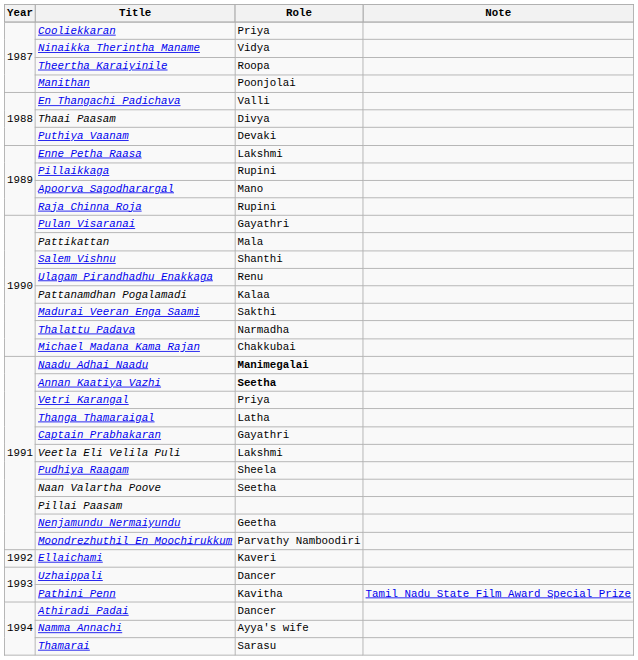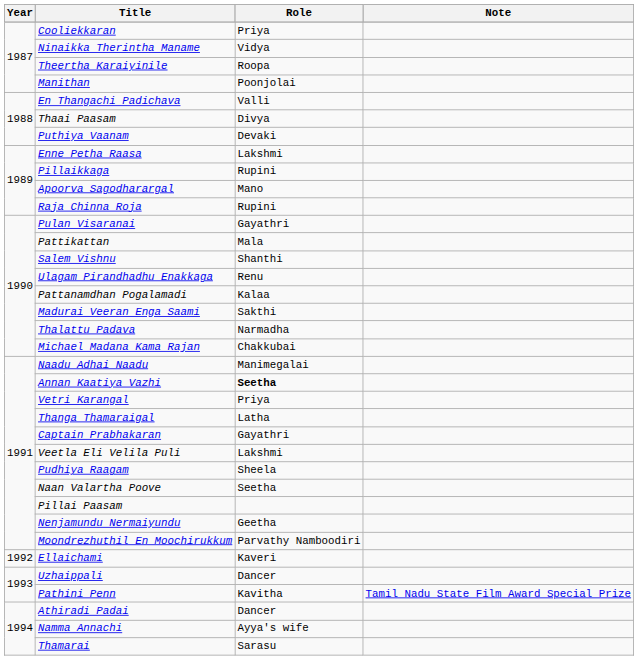 <table class="wikitable sortable">
 <tr style="background:#000;">
 <th>Year</th>
 <th>Title</th>
 <th>Role</th>
 <th class="sortable">Note</th>
 </tr>
 <tr>
 <td rowspan="4">1987</td>
 <td><em><a href='#'>Cooliekkaran</a></em></td>
 <td>Priya</td>
 <td></td>
 </tr>
 <tr>
 <td><em><a href='#'>Ninaikka Therintha Maname</a></em></td>
 <td>Vidya</td>
 <td></td>
 </tr>
 <tr>
 <td><em><a href='#'>Theertha Karaiyinile</a></em></td>
 <td>Roopa</td>
 <td></td>
 </tr>
 <tr>
 <td><em><a href='#'>Manithan</a></em></td>
 <td>Poonjolai</td>
 <td></td>
 </tr>
 <tr>
 <td rowspan="3">1988</td>
 <td><em><a href='#'>En Thangachi Padichava</a></em></td>
 <td>Valli</td>
 <td></td>
 </tr>
 <tr>
 <td><em>Thaai Paasam</em></td>
 <td>Divya</td>
 <td></td>
 </tr>
 <tr>
 <td><em><a href='#'>Puthiya Vaanam</a></em></td>
 <td>Devaki</td>
 <td></td>
 </tr>
 <tr>
 <td rowspan="4">1989</td>
 <td><em><a href='#'>Enne Petha Raasa</a></em></td>
 <td>Lakshmi</td>
 <td></td>
 </tr>
 <tr>
 <td><em><a href='#'>Pillaikkaga</a></em></td>
 <td>Rupini</td>
 <td></td>
 </tr>
 <tr>
 <td><em><a href='#'>Apoorva Sagodharargal</a></em></td>
 <td>Mano</td>
 <td></td>
 </tr>
 <tr>
 <td><em><a href='#'>Raja Chinna Roja</a></em></td>
 <td>Rupini</td>
 <td></td>
 </tr>
 <tr>
 <td rowspan="8">1990</td>
 <td><em><a href='#'>Pulan Visaranai</a></em></td>
 <td>Gayathri</td>
 <td></td>
 </tr>
 <tr>
 <td><em>Pattikattan</em></td>
 <td>Mala</td>
 <td></td>
 </tr>
 <tr>
 <td><em><a href='#'>Salem Vishnu</a></em></td>
 <td>Shanthi</td>
 <td></td>
 </tr>
 <tr>
 <td><em><a href='#'>Ulagam Pirandhadhu Enakkaga</a></em></td>
 <td>Renu</td>
 <td></td>
 </tr>
 <tr>
 <td><em>Pattanamdhan Pogalamadi</em></td>
 <td>Kalaa</td>
 <td></td>
 </tr>
 <tr>
 <td><em><a href='#'>Madurai Veeran Enga Saami</a></em></td>
 <td>Sakthi</td>
 <td></td>
 </tr>
 <tr>
 <td><em><a href='#'>Thalattu Padava</a></em></td>
 <td>Narmadha</td>
 <td></td>
 </tr>
 <tr>
 <td><em><a href='#'>Michael Madana Kama Rajan</a></em></td>
 <td>Chakkubai</td>
 <td></td>
 </tr>
 <tr>
 <td rowspan="11">1991</td>
 <td><em><a href='#'>Naadu Adhai Naadu</a></em></td>
-<td><strong>Manimegalai</strong></td>
+<td>Manimegalai</td>
 <td></td>
 </tr>
 <tr>
 <td><em><a href='#'>Annan Kaatiya Vazhi</a></em></td>
 <td><strong>Seetha</strong></td>
 <td></td>
 </tr>
 <tr>
 <td><em><a href='#'>Vetri Karangal</a></em></td>
 <td>Priya</td>
 <td></td>
 </tr>
 <tr>
 <td><em><a href='#'>Thanga Thamaraigal</a></em></td>
 <td>Latha</td>
 <td></td>
 </tr>
 <tr>
 <td><em><a href='#'>Captain Prabhakaran</a></em></td>
 <td>Gayathri</td>
 <td></td>
 </tr>
 <tr>
 <td><em>Veetla Eli Velila Puli</em></td>
 <td>Lakshmi</td>
 <td></td>
 </tr>
 <tr>
 <td><em><a href='#'>Pudhiya Raagam</a></em></td>
 <td>Sheela</td>
 <td></td>
 </tr>
 <tr>
 <td><em>Naan Valartha Poove</em></td>
 <td>Seetha</td>
 <td></td>
 </tr>
 <tr>
 <td><em>Pillai Paasam</em></td>
 <td></td>
 <td></td>
 </tr>
 <tr>
 <td><em><a href='#'>Nenjamundu Nermaiyundu</a></em></td>
 <td>Geetha</td>
 <td></td>
 </tr>
 <tr>
 <td><em><a href='#'>Moondrezhuthil En Moochirukkum</a></em></td>
 <td>Parvathy Namboodiri</td>
 <td></td>
 </tr>
 <tr>
 <td>1992</td>
 <td><em><a href='#'>Ellaichami</a></em></td>
 <td>Kaveri</td>
 <td></td>
 </tr>
 <tr>
 <td rowspan="2">1993</td>
 <td><em><a href='#'>Uzhaippali</a></em></td>
 <td>Dancer</td>
 <td></td>
 </tr>
 <tr>
 <td><em><a href='#'>Pathini Penn</a></em></td>
 <td>Kavitha</td>
 <td><a href='#'>Tamil Nadu State Film Award Special Prize</a></td>
 </tr>
 <tr>
 <td rowspan="3">1994</td>
 <td><em><a href='#'>Athiradi Padai</a></em></td>
 <td>Dancer</td>
 <td></td>
 </tr>
 <tr>
 <td><em><a href='#'>Namma Annachi</a></em></td>
 <td>Ayya's wife</td>
 <td></td>
 </tr>
 <tr>
 <td><em><a href='#'>Thamarai</a></em></td>
 <td>Sarasu</td>
 <td></td>
 </tr>
 </table>
